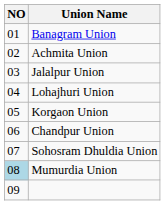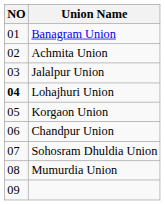 <table class="wikitable sortable">
 <tr>
 <th>NO</th>
 <th>Union Name</th>
 </tr>
 <tr>
 <td>01</td>
 <td><a href='#'>Banagram Union</a></td>
 </tr>
 <tr>
 <td>02</td>
 <td>Achmita Union</td>
 </tr>
 <tr>
 <td>03</td>
 <td>Jalalpur Union</td>
 </tr>
 <tr>
-<td>04</td>
+<td><strong>04</strong></td>
 <td>Lohajhuri Union</td>
 </tr>
 <tr>
 <td>05</td>
 <td>Korgaon Union</td>
 </tr>
 <tr>
 <td>06</td>
 <td>Chandpur Union</td>
 </tr>
 <tr>
 <td>07</td>
 <td>Sohosram Dhuldia Union</td>
 </tr>
 <tr>
-<td style="background: lightblue;">08</td>
+<td>08</td>
 <td>Mumurdia Union</td>
 </tr>
 <tr>
 <td>09</td>
 <td></td>
 </tr>
 </table>
